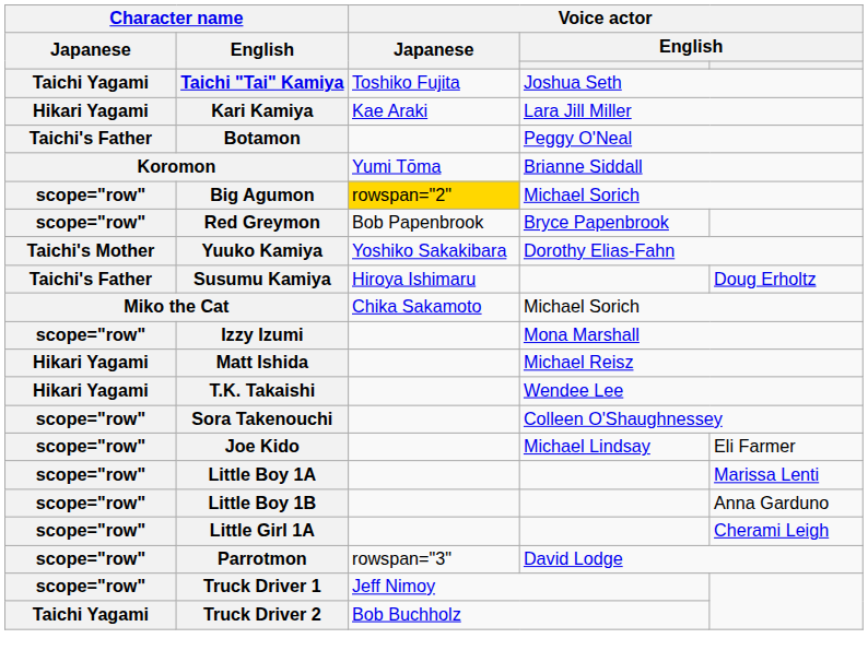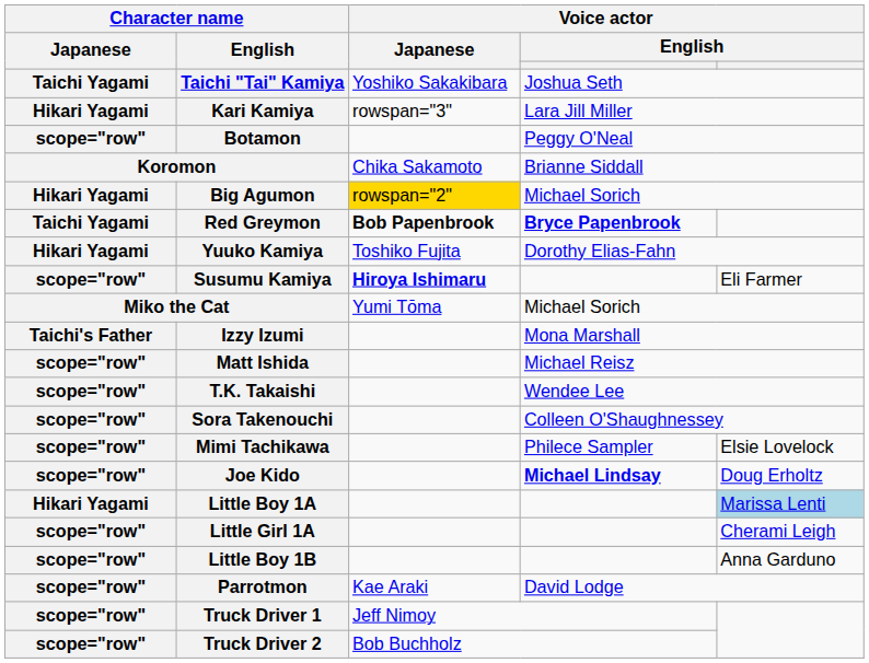 <table class="wikitable plainrowheaders">
 <tr>
 <th colspan="2"><a href='#'>Character name</a></th>
 <th colspan="3">Voice actor</th>
 </tr>
 <tr>
 <th rowspan="2"  width="20%">Japanese</th>
 <th rowspan="2"  width="20%">English</th>
 <th rowspan="2"  width="20%">Japanese</th>
 <th colspan="2"  width="40%">English</th>
 </tr>
 <tr>
 <th></th>
 <th></th>
 </tr>
 <tr>
 <th scope="row">Taichi Yagami</th>
 <th scope="row"><a href='#'>Taichi "Tai" Kamiya</a></th>
-<td><a href='#'>Toshiko Fujita</a></td>
+<td><a href='#'>Yoshiko Sakakibara</a></td>
 <td colspan="2"><a href='#'>Joshua Seth</a></td>
 </tr>
 <tr>
 <th scope="row">Hikari Yagami</th>
 <th scope="row">Kari Kamiya</th>
-<td><a href='#'>Kae Araki</a></td>
+<td>rowspan="3" </td>
 <td colspan="2"><a href='#'>Lara Jill Miller</a></td>
 </tr>
 <tr>
-<th scope="row">Taichi's Father</th>
+<th>scope="row" </th>
 <th scope="row">Botamon</th>
 <td></td>
 <td colspan="2"><a href='#'>Peggy O'Neal</a></td>
 </tr>
 <tr>
 <th scope="row" colspan="2">Koromon</th>
-<td><a href='#'>Yumi Tōma</a></td>
+<td><a href='#'>Chika Sakamoto</a></td>
 <td colspan="2"><a href='#'>Brianne Siddall</a></td>
 </tr>
 <tr>
-<th>scope="row" </th>
+<th scope="row">Hikari Yagami</th>
 <th scope="row">Big Agumon</th>
 <td style="background: gold;">rowspan="2" </td>
 <td colspan="2"><a href='#'>Michael Sorich</a></td>
 </tr>
 <tr>
-<th>scope="row" </th>
+<th scope="row">Taichi Yagami</th>
 <th scope="row">Red Greymon</th>
-<td>Bob Papenbrook</td>
-<td><a href='#'>Bryce Papenbrook</a></td>
+<td><strong>Bob Papenbrook</strong></td>
+<td><strong><a href='#'>Bryce Papenbrook</a></strong></td>
 </tr>
 <tr>
-<th scope="row">Taichi's Mother</th>
+<th scope="row">Hikari Yagami</th>
 <th scope="row">Yuuko Kamiya</th>
-<td><a href='#'>Yoshiko Sakakibara</a></td>
+<td><a href='#'>Toshiko Fujita</a></td>
 <td colspan="2"><a href='#'>Dorothy Elias-Fahn</a></td>
 </tr>
 <tr>
-<th scope="row">Taichi's Father</th>
+<th>scope="row" </th>
 <th scope="row">Susumu Kamiya</th>
-<td><a href='#'>Hiroya Ishimaru</a></td>
+<td><strong><a href='#'>Hiroya Ishimaru</a></strong></td>
 <td></td>
-<td><a href='#'>Doug Erholtz</a></td>
+<td>Eli Farmer</td>
 </tr>
 <tr>
 <th scope="row" colspan="2">Miko the Cat</th>
-<td><a href='#'>Chika Sakamoto</a></td>
+<td><a href='#'>Yumi Tōma</a></td>
 <td colspan="2">Michael Sorich</td>
 </tr>
 <tr>
-<th>scope="row" </th>
+<th scope="row">Taichi's Father</th>
 <th scope="row">Izzy Izumi</th>
 <td></td>
 <td colspan="2"><a href='#'>Mona Marshall</a></td>
 </tr>
 <tr>
-<th scope="row">Hikari Yagami</th>
+<th>scope="row" </th>
 <th scope="row">Matt Ishida</th>
 <td></td>
 <td colspan="2"><a href='#'>Michael Reisz</a></td>
 </tr>
 <tr>
-<th scope="row">Hikari Yagami</th>
+<th>scope="row" </th>
 <th scope="row">T.K. Takaishi</th>
 <td></td>
 <td colspan="2"><a href='#'>Wendee Lee</a></td>
 </tr>
 <tr>
 <th>scope="row" </th>
 <th scope="row">Sora Takenouchi</th>
 <td></td>
 <td colspan="2"><a href='#'>Colleen O'Shaughnessey</a></td>
 </tr>
 <tr>
 <th>scope="row" </th>
-<th scope="row">Joe Kido</th>
+<th scope="row">Mimi Tachikawa</th>
 <td></td>
-<td><a href='#'>Michael Lindsay</a></td>
-<td>Eli Farmer</td>
+<td><a href='#'>Philece Sampler</a></td>
+<td>Elsie Lovelock</td>
 </tr>
 <tr>
 <th>scope="row" </th>
+<th scope="row">Joe Kido</th>
+<td></td>
+<td><strong><a href='#'>Michael Lindsay</a></strong></td>
+<td><a href='#'>Doug Erholtz</a></td>
+</tr>
+<tr>
+<th scope="row">Hikari Yagami</th>
 <th scope="row">Little Boy 1A</th>
 <td></td>
 <td></td>
-<td><a href='#'>Marissa Lenti</a></td>
+<td style="background: lightblue;"><a href='#'>Marissa Lenti</a></td>
+</tr>
+<tr>
+<th>scope="row" </th>
+<th scope="row">Little Girl 1A</th>
+<td></td>
+<td></td>
+<td><a href='#'>Cherami Leigh</a></td>
 </tr>
 <tr>
 <th>scope="row" </th>
 <th scope="row">Little Boy 1B</th>
 <td></td>
 <td></td>
 <td>Anna Garduno</td>
 </tr>
 <tr>
 <th>scope="row" </th>
-<th scope="row">Little Girl 1A</th>
-<td></td>
-<td></td>
-<td><a href='#'>Cherami Leigh</a></td>
-</tr>
-<tr>
-<th>scope="row" </th>
 <th scope="row">Parrotmon</th>
-<td>rowspan="3" </td>
+<td><a href='#'>Kae Araki</a></td>
 <td colspan="2"><a href='#'>David Lodge</a></td>
 </tr>
 <tr>
 <th>scope="row" </th>
 <th scope="row">Truck Driver 1</th>
 <td colspan="2"><a href='#'>Jeff Nimoy</a></td>
 </tr>
 <tr>
-<th scope="row">Taichi Yagami</th>
+<th>scope="row" </th>
 <th scope="row">Truck Driver 2</th>
 <td colspan="2"><a href='#'>Bob Buchholz</a></td>
 </tr>
 </table>
